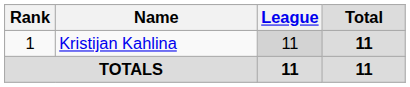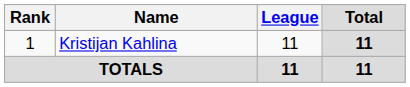 <table class="wikitable" style="font-size: 95%; text-align: center;">
 <tr>
 <th width=40>Rank</th>
 <th width=180>Name</th>
 <th width=50><a href='#'>League</a></th>
 <th width=70 style="background: #DCDCDC">Total</th>
 </tr>
 <tr>
 <td rowspan=1>1</td>
 <td style="text-align:left;"> <a href='#'>Kristijan Kahlina</a></td>
-<td style="background: lightgrey;">11</td>
+<td>11</td>
 <th style="background: #DCDCDC">11</th>
 </tr>
 <tr>
 <th colspan="2" align="center" style="background: #DCDCDC">TOTALS</th>
 <th style="background: #DCDCDC">11</th>
 <th style="background: #DCDCDC">11</th>
 </tr>
 </table>
